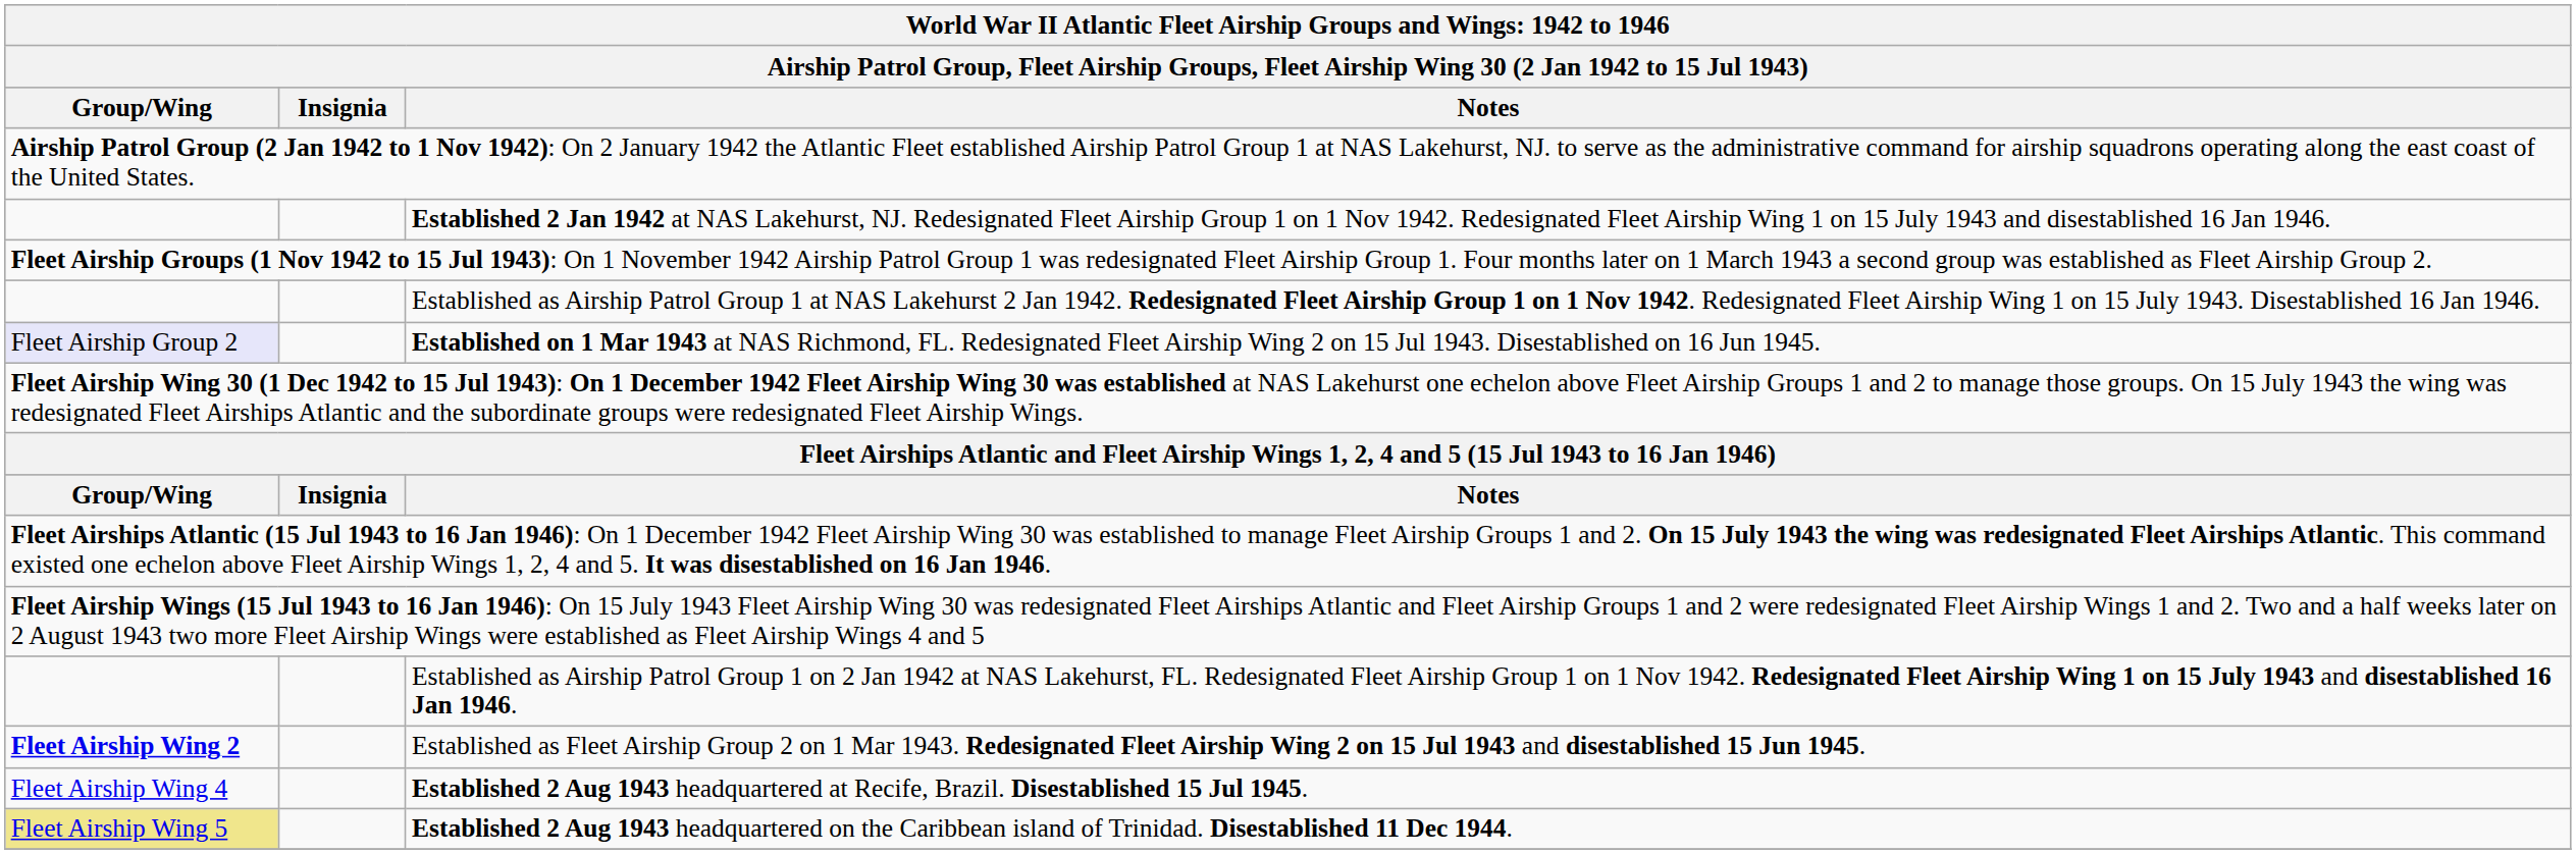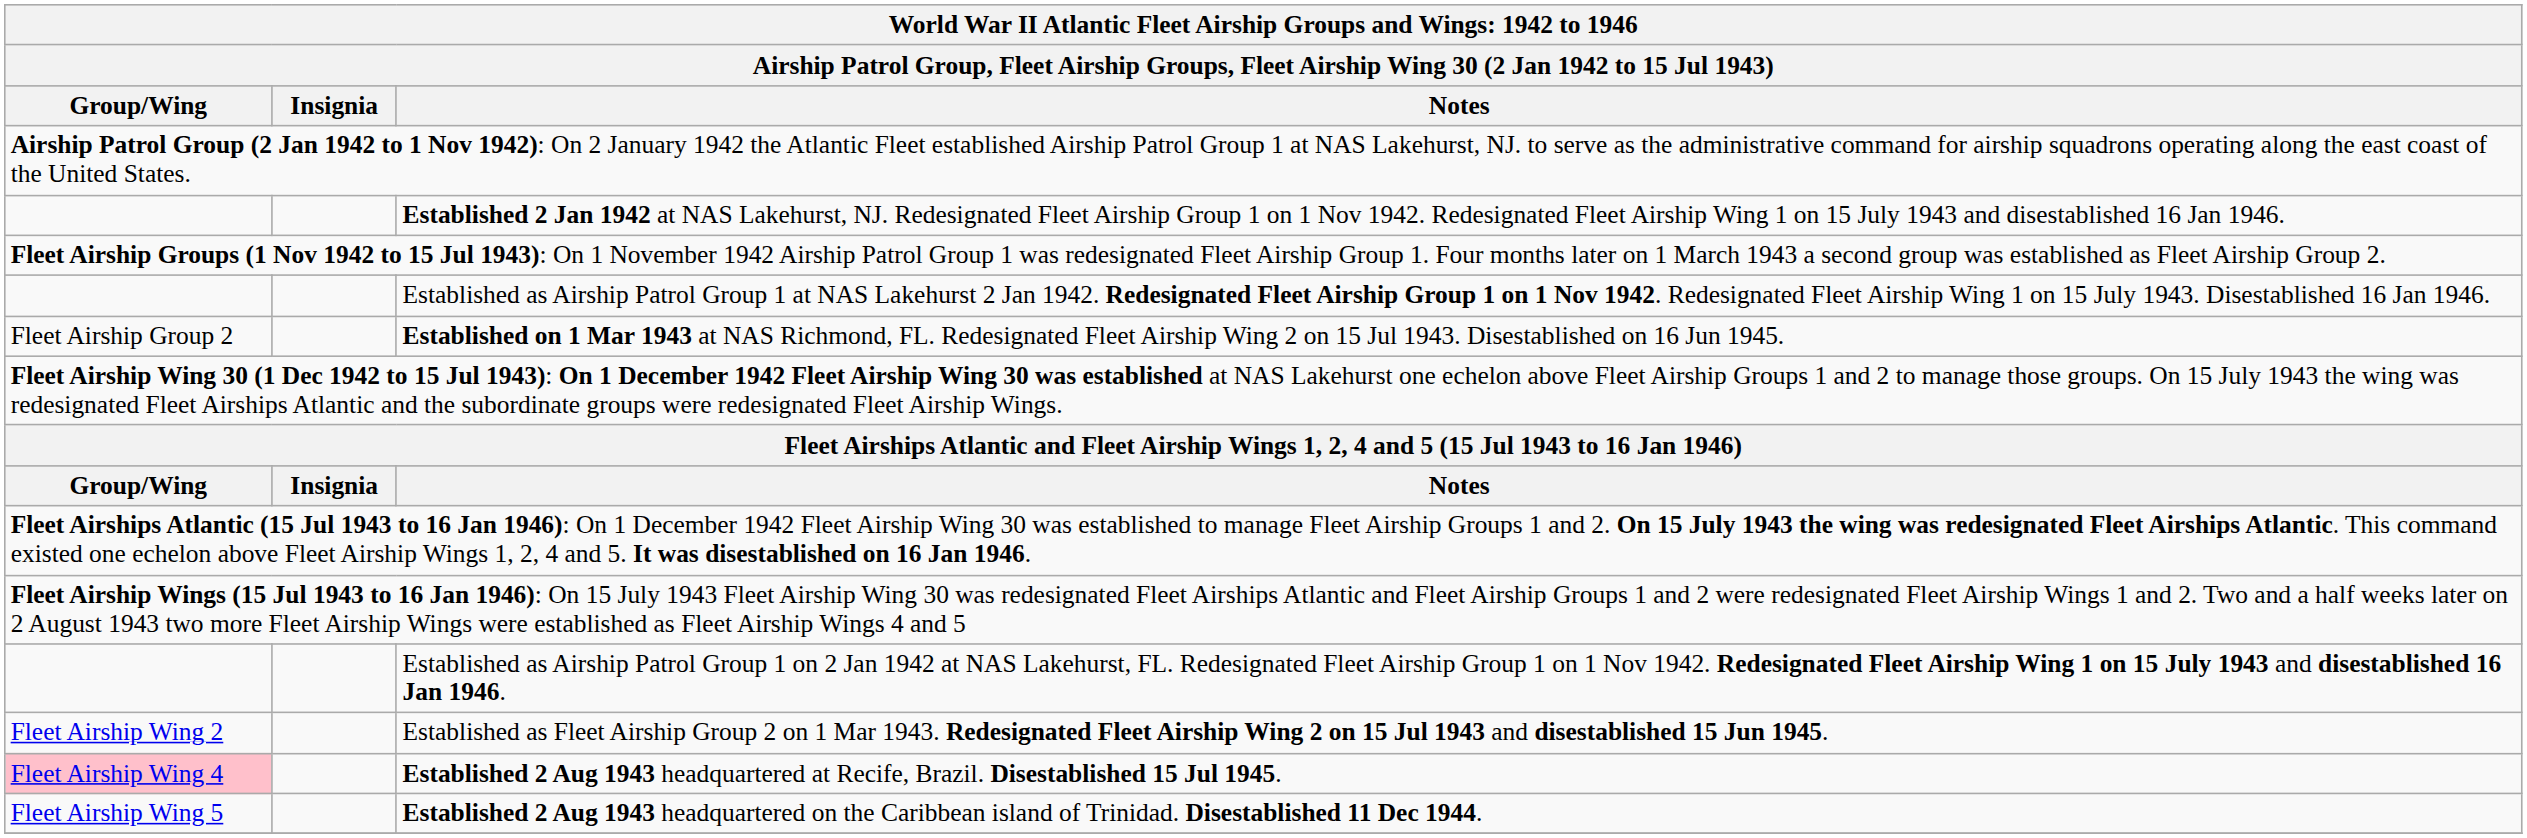 <table class="wikitable" width=100% style="text-align: center">
 <tr>
 <th colspan=3>World War II Atlantic Fleet Airship Groups and Wings: 1942 to 1946</th>
 </tr>
 <tr>
 <th colspan=3>Airship Patrol Group, Fleet Airship Groups, Fleet Airship Wing 30 (2 Jan 1942 to 15 Jul 1943)</th>
 </tr>
 <tr>
 <th colspan=1>Group/Wing</th>
 <th>Insignia</th>
 <th>Notes</th>
 </tr>
 <tr>
 <td colspan=3 align=left><strong>Airship Patrol Group (2 Jan 1942 to 1 Nov 1942)</strong>: On 2 January 1942 the Atlantic Fleet established Airship Patrol Group 1 at NAS Lakehurst, NJ. to serve as the administrative command for airship squadrons operating along the east coast of the United States.</td>
 </tr>
 <tr>
 <td align=left></td>
 <td></td>
 <td align=left><strong>Established 2 Jan 1942</strong> at NAS Lakehurst, NJ. Redesignated Fleet Airship Group 1 on 1 Nov 1942. Redesignated Fleet Airship Wing 1 on 15 July 1943 and disestablished 16 Jan 1946.</td>
 </tr>
 <tr>
 <td colspan=4 align=left><strong>Fleet Airship Groups (1 Nov 1942 to 15 Jul 1943)</strong>: On 1 November 1942 Airship Patrol Group 1 was redesignated Fleet Airship Group 1. Four months later on 1 March 1943 a second group was established as Fleet Airship Group 2.</td>
 </tr>
 <tr>
 <td align=left></td>
 <td></td>
 <td align=left>Established as Airship Patrol Group 1 at NAS Lakehurst 2 Jan 1942. <strong>Redesignated Fleet Airship Group 1 on 1 Nov 1942</strong>. Redesignated Fleet Airship Wing 1 on 15 July 1943. Disestablished 16 Jan 1946.</td>
 </tr>
 <tr>
-<td align=left style="background: lavender;">Fleet Airship Group 2</td>
+<td align=left>Fleet Airship Group 2</td>
 <td></td>
 <td align=left><strong>Established on 1 Mar 1943</strong> at NAS Richmond, FL. Redesignated Fleet Airship Wing 2 on 15 Jul 1943. Disestablished on 16 Jun 1945.</td>
 </tr>
 <tr>
 <td colspan=4 align=left><strong>Fleet Airship Wing 30 (1 Dec 1942 to 15 Jul 1943)</strong>: <strong>On 1 December 1942 Fleet Airship Wing 30 was established</strong> at NAS Lakehurst one echelon above Fleet Airship Groups  1 and 2 to manage those groups. On 15 July 1943 the wing was redesignated Fleet Airships Atlantic and the subordinate groups were redesignated Fleet Airship Wings.</td>
 </tr>
 <tr>
 <th colspan=3>Fleet Airships Atlantic and Fleet Airship Wings 1, 2, 4 and 5 (15 Jul 1943 to 16 Jan 1946)</th>
 </tr>
 <tr>
 <th colspan=1>Group/Wing</th>
 <th>Insignia</th>
 <th>Notes</th>
 </tr>
 <tr>
 <td colspan=4 align=left><strong>Fleet Airships Atlantic (15 Jul 1943 to 16 Jan 1946)</strong>: On 1 December 1942 Fleet Airship Wing 30 was established to manage Fleet Airship Groups 1 and 2. <strong>On 15 July 1943 the wing was redesignated Fleet Airships Atlantic</strong>. This command existed one echelon above Fleet Airship Wings 1, 2, 4 and 5. <strong>It was disestablished on 16 Jan 1946</strong>.</td>
 </tr>
 <tr>
 <td colspan=4 align=left><strong>Fleet Airship Wings (15 Jul 1943 to 16 Jan 1946)</strong>: On 15 July 1943 Fleet Airship Wing 30 was redesignated Fleet Airships Atlantic and Fleet Airship Groups 1 and 2 were redesignated Fleet Airship Wings 1 and 2. Two and a half weeks later on 2 August 1943 two more Fleet Airship Wings were established as Fleet Airship Wings 4 and 5</td>
 </tr>
 <tr>
 <td align=left></td>
 <td></td>
 <td align=left>Established as Airship Patrol Group 1 on 2 Jan 1942 at NAS Lakehurst, FL. Redesignated Fleet Airship Group 1 on 1 Nov 1942. <strong>Redesignated Fleet Airship Wing 1 on 15 July 1943</strong> and <strong>disestablished 16 Jan 1946</strong>.</td>
 </tr>
 <tr>
-<td align=left><strong><a href='#'>Fleet Airship Wing 2</a></strong></td>
+<td align=left><a href='#'>Fleet Airship Wing 2</a></td>
 <td></td>
 <td align=left>Established as Fleet Airship Group 2 on 1 Mar 1943. <strong>Redesignated Fleet Airship Wing 2 on 15 Jul 1943</strong> and <strong>disestablished 15 Jun 1945</strong>.</td>
 </tr>
 <tr>
-<td align=left><a href='#'>Fleet Airship Wing 4</a></td>
+<td align=left style="background: pink;"><a href='#'>Fleet Airship Wing 4</a></td>
 <td></td>
 <td align=left><strong>Established 2 Aug 1943</strong> headquartered at Recife, Brazil. <strong>Disestablished 15 Jul 1945</strong>.</td>
 </tr>
 <tr>
-<td align=left style="background: khaki;"><a href='#'>Fleet Airship Wing 5</a></td>
+<td align=left><a href='#'>Fleet Airship Wing 5</a></td>
 <td></td>
 <td align=left><strong>Established 2 Aug 1943</strong> headquartered on the Caribbean island of Trinidad. <strong>Disestablished 11 Dec 1944</strong>.</td>
 </tr>
 <tr>
 </tr>
 </table>
